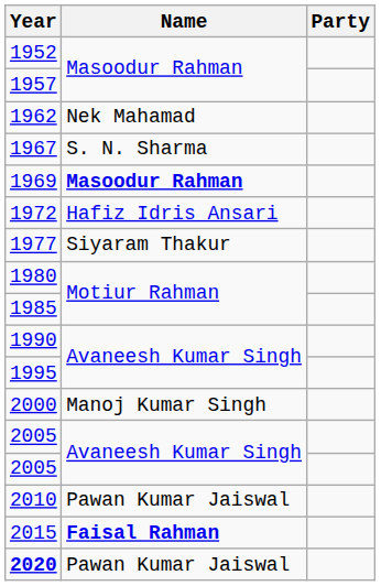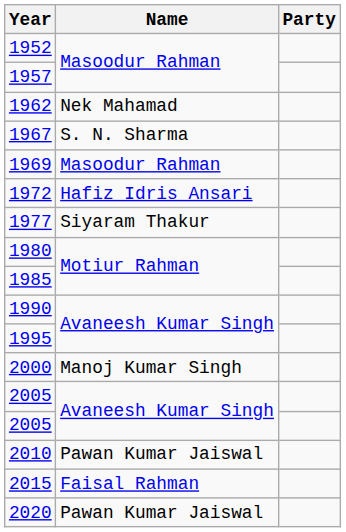 <table class="wikitable sortable">
 <tr>
 <th>Year</th>
 <th>Name</th>
 <th colspan="2">Party</th>
 </tr>
 <tr>
 <td><a href='#'>1952</a></td>
 <td rowspan="2"><a href='#'>Masoodur Rahman</a></td>
 <td></td>
 </tr>
 <tr>
 <td><a href='#'>1957</a></td>
 </tr>
 <tr>
 <td><a href='#'>1962</a></td>
 <td>Nek Mahamad</td>
 <td></td>
 </tr>
 <tr>
 <td><a href='#'>1967</a></td>
 <td>S. N. Sharma</td>
 <td></td>
 </tr>
 <tr>
 <td><a href='#'>1969</a></td>
-<td><strong><a href='#'>Masoodur Rahman</a></strong></td>
+<td><a href='#'>Masoodur Rahman</a></td>
 <td></td>
 </tr>
 <tr>
 <td><a href='#'>1972</a></td>
 <td><a href='#'>Hafiz Idris Ansari</a></td>
 </tr>
 <tr>
 <td><a href='#'>1977</a></td>
 <td>Siyaram Thakur</td>
 <td></td>
 </tr>
 <tr>
 <td><a href='#'>1980</a></td>
 <td rowspan="2"><a href='#'>Motiur Rahman</a></td>
 <td></td>
 </tr>
 <tr>
 <td><a href='#'>1985</a></td>
 </tr>
 <tr>
 <td><a href='#'>1990</a></td>
 <td rowspan="2"><a href='#'>Avaneesh Kumar Singh</a></td>
 <td></td>
 </tr>
 <tr>
 <td><a href='#'>1995</a></td>
 </tr>
 <tr>
 <td><a href='#'>2000</a></td>
 <td>Manoj Kumar Singh</td>
 <td></td>
 </tr>
 <tr>
 <td><a href='#'>2005</a></td>
 <td rowspan="2"><a href='#'>Avaneesh Kumar Singh</a></td>
 <td></td>
 </tr>
 <tr>
 <td><a href='#'>2005</a></td>
 </tr>
 <tr>
 <td><a href='#'>2010</a></td>
 <td>Pawan Kumar Jaiswal</td>
 <td></td>
 </tr>
 <tr>
 <td><a href='#'>2015</a></td>
-<td><strong><a href='#'>Faisal Rahman</a></strong></td>
+<td><a href='#'>Faisal Rahman</a></td>
 <td></td>
 </tr>
 <tr>
-<td><strong><a href='#'>2020</a></strong></td>
+<td><a href='#'>2020</a></td>
 <td>Pawan Kumar Jaiswal</td>
 <td></td>
 </tr>
 </table>
